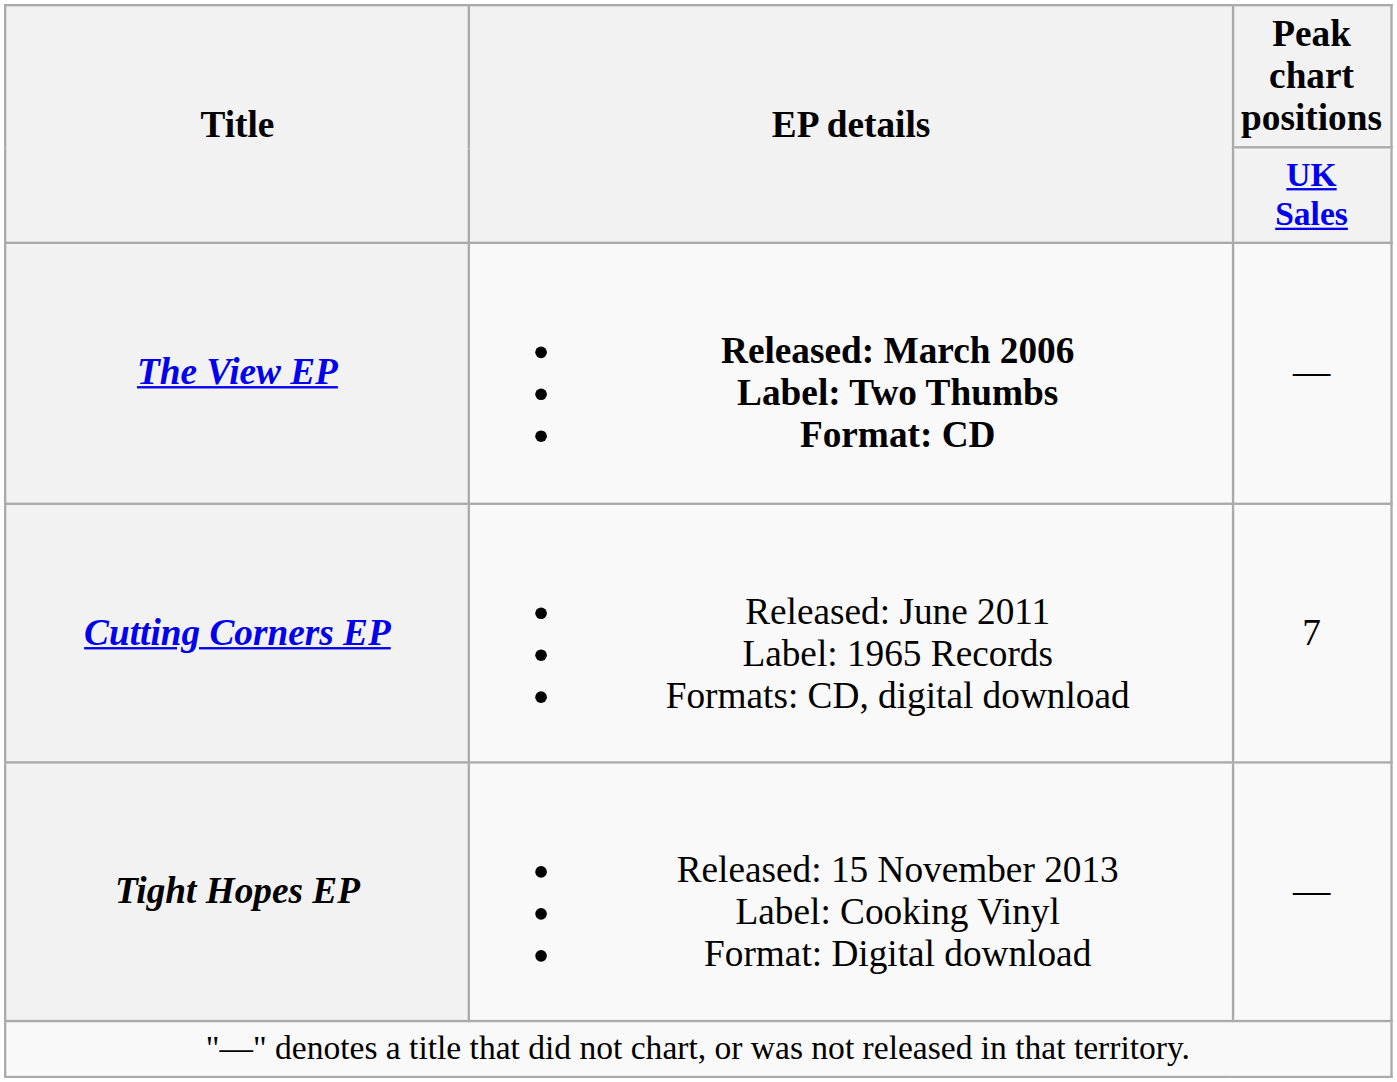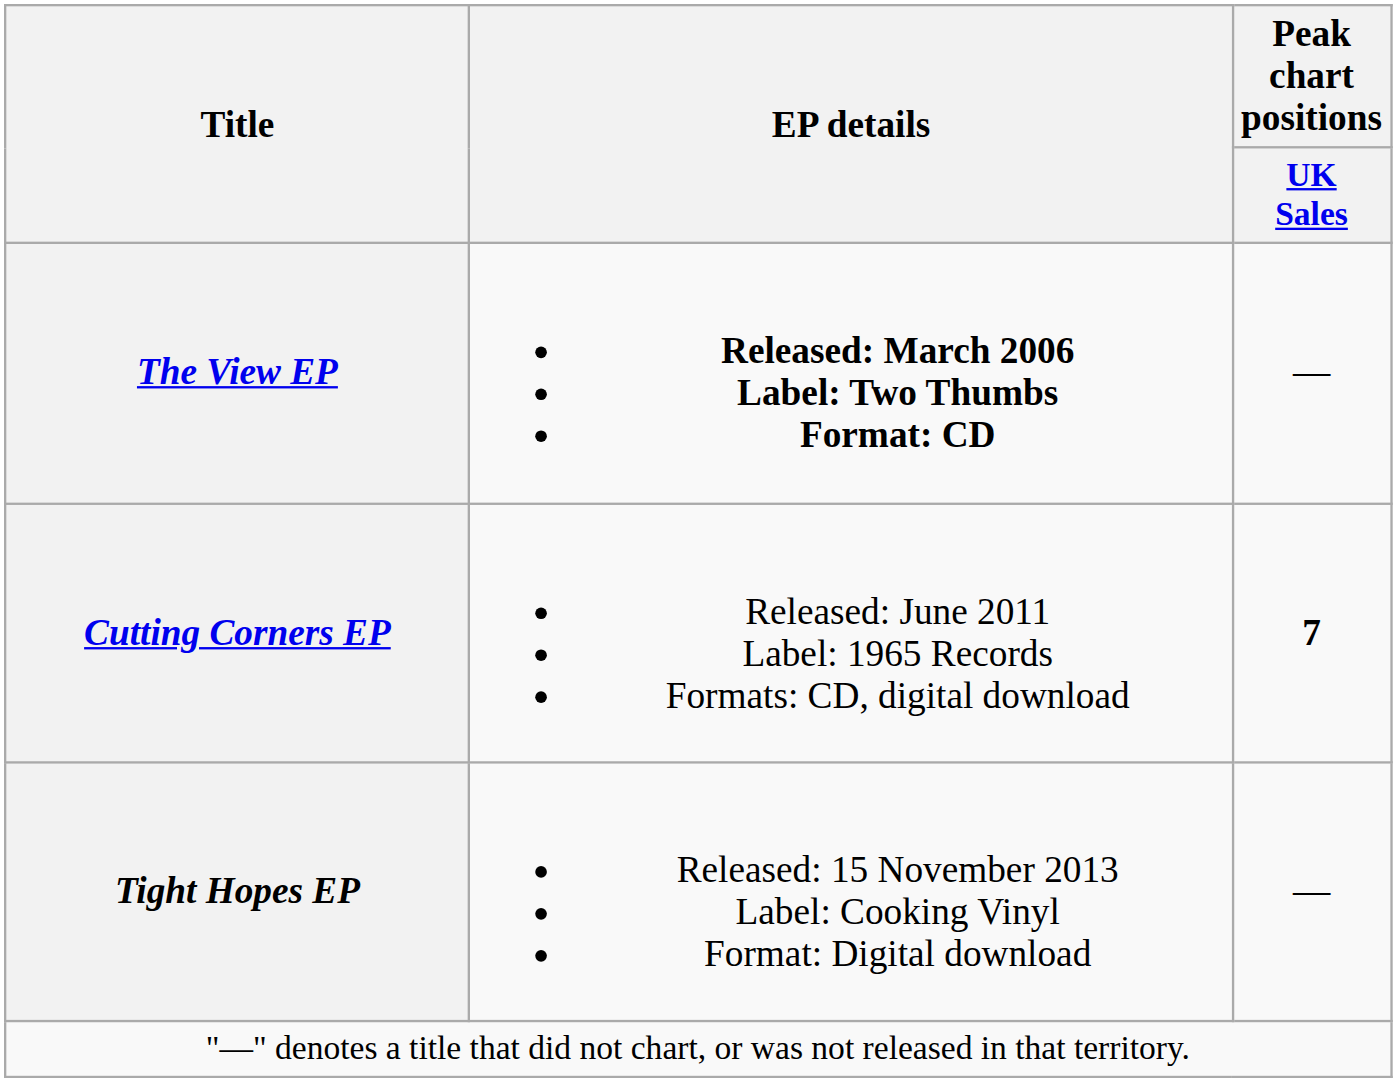 <table class="wikitable plainrowheaders" style="text-align:center;">
 <tr>
 <th scope="col" rowspan="2" style="width:12em;">Title</th>
 <th scope="col" rowspan="2" style="width:20em;">EP details</th>
 <th scope="col" colspan="1">Peak chart positions</th>
 </tr>
 <tr>
 <th scope="col" style="width:3em;font-size:90%;"><a href='#'>UK<br>Sales</a><br></th>
 </tr>
 <tr>
 <th scope="row"><em><a href='#'>The View EP</a></em></th>
 <td><strong><br><ul><li>Released: March 2006</li><li>Label: Two Thumbs</li><li>Format: CD</li></ul></strong></td>
 <td>—</td>
 </tr>
 <tr>
 <th scope="row"><em><a href='#'>Cutting Corners EP</a></em></th>
 <td><br><ul><li>Released: June 2011</li><li>Label: 1965 Records</li><li>Formats: CD, digital download</li></ul></td>
-<td>7</td>
+<td><strong>7</strong></td>
 </tr>
 <tr>
 <th scope="row"><em>Tight Hopes EP</em></th>
 <td><br><ul><li>Released: 15 November 2013</li><li>Label: Cooking Vinyl</li><li>Format: Digital download</li></ul></td>
 <td>—</td>
 </tr>
 <tr>
 <td colspan="10" style="font-size:90%">"—" denotes a title that did not chart, or was not released in that territory.</td>
 </tr>
 </table>
